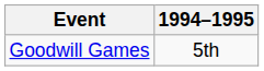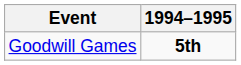 <table class="wikitable" style="text-align:center">
 <tr>
 <th>Event</th>
 <th>1994–1995</th>
 </tr>
 <tr>
 <td align=left><a href='#'>Goodwill Games</a></td>
-<td>5th</td>
+<td><strong>5th</strong></td>
 </tr>
 </table>
